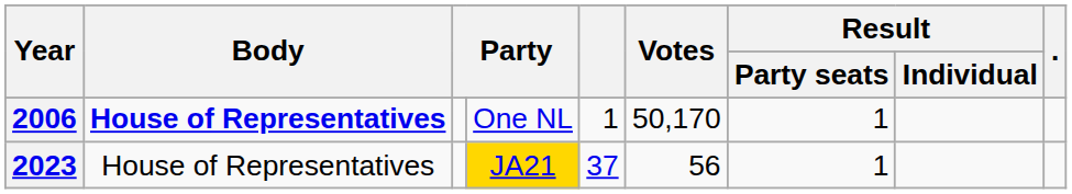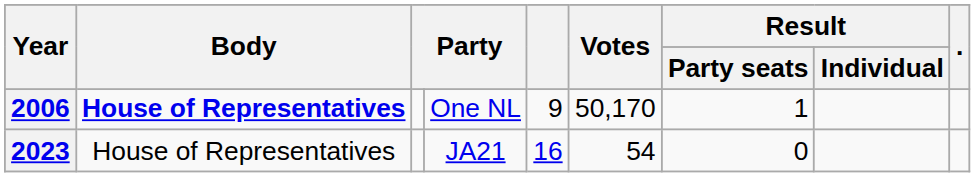 <table class="wikitable plainrowheaders sortable" border=2 cellpadding=4 cellspacing=0 style="border: 1px #aaa solid; font-size: 90%; text-align:center;">
 <tr>
 <th scope="col" rowspan=2>Year</th>
 <th scope="col" rowspan=2>Body</th>
 <th scope="col" colspan=2 rowspan=2>Party</th>
 <th scope="col" rowspan=2></th>
 <th scope="col" rowspan=2>Votes</th>
 <th scope="colgroup" colspan=2>Result</th>
 <th scope="col" rowspan=2 class="unsortable">.</th>
 </tr>
 <tr>
 <th scope="col">Party seats</th>
 <th scope="col">Individual</th>
 </tr>
 <tr>
 <th scope="row"><a href='#'>2006</a></th>
 <td><strong><a href='#'>House of Representatives</a></strong></td>
 <td style="background-color:"></td>
 <td><a href='#'>One NL</a></td>
-<td style=text-align:right>1</td>
+<td style=text-align:right>9</td>
 <td style=text-align:right>50,170</td>
 <td style=text-align:right>1</td>
 <td></td>
 <td></td>
 </tr>
 <tr>
 <th scope="row"><a href='#'>2023</a></th>
 <td>House of Representatives</td>
 <td style="background-color:"></td>
-<td style="background: gold;"><a href='#'>JA21</a></td>
-<td style=text-align:right><a href='#'>37</a></td>
-<td style=text-align:right>56</td>
-<td style=text-align:right>1</td>
+<td><a href='#'>JA21</a></td>
+<td style=text-align:right><a href='#'>16</a></td>
+<td style=text-align:right>54</td>
+<td style=text-align:right>0</td>
 <td></td>
 <td></td>
 </tr>
 </table>
